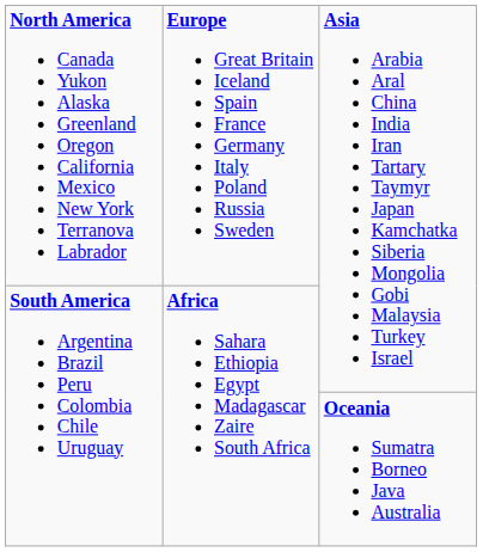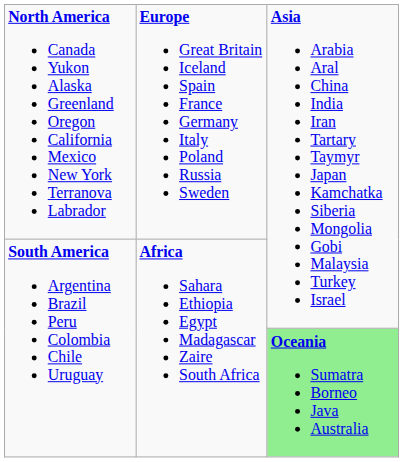 <table class="wikitable">
 <tr valign="top">
 <td width="33%"><strong><a href='#'>North America</a></strong><br><ul><li><a href='#'>Canada</a></li><li><a href='#'>Yukon</a></li><li><a href='#'>Alaska</a></li><li><a href='#'>Greenland</a></li><li><a href='#'>Oregon</a></li><li><a href='#'>California</a></li><li><a href='#'>Mexico</a></li><li><a href='#'>New York</a></li><li><a href='#'>Terranova</a></li><li><a href='#'>Labrador</a></li></ul></td>
 <td width="33%"><strong><a href='#'>Europe</a></strong><br><ul><li><a href='#'>Great Britain</a></li><li><a href='#'>Iceland</a></li><li><a href='#'>Spain</a></li><li><a href='#'>France</a></li><li><a href='#'>Germany</a></li><li><a href='#'>Italy</a></li><li><a href='#'>Poland</a></li><li><a href='#'>Russia</a></li><li><a href='#'>Sweden</a></li></ul></td>
 <td width="33%" rowspan="2"><strong><a href='#'>Asia</a></strong><br><ul><li><a href='#'>Arabia</a></li><li><a href='#'>Aral</a></li><li><a href='#'>China</a></li><li><a href='#'>India</a></li><li><a href='#'>Iran</a></li><li><a href='#'>Tartary</a></li><li><a href='#'>Taymyr</a></li><li><a href='#'>Japan</a></li><li><a href='#'>Kamchatka</a></li><li><a href='#'>Siberia</a></li><li><a href='#'>Mongolia</a></li><li><a href='#'>Gobi</a></li><li><a href='#'>Malaysia</a></li><li><a href='#'>Turkey</a></li><li><a href='#'>Israel</a></li></ul></td>
 </tr>
 <tr valign="top">
 <td rowspan="2"><strong><a href='#'>South America</a></strong><br><ul><li><a href='#'>Argentina</a></li><li><a href='#'>Brazil</a></li><li><a href='#'>Peru</a></li><li><a href='#'>Colombia</a></li><li><a href='#'>Chile</a></li><li><a href='#'>Uruguay</a></li></ul></td>
 <td rowspan="2"><strong><a href='#'>Africa</a></strong><br><ul><li><a href='#'>Sahara</a></li><li><a href='#'>Ethiopia</a></li><li><a href='#'>Egypt</a></li><li><a href='#'>Madagascar</a></li><li><a href='#'>Zaire</a></li><li><a href='#'>South Africa</a></li></ul></td>
 </tr>
 <tr valign="top">
-<td><strong><a href='#'>Oceania</a></strong><br><ul><li><a href='#'>Sumatra</a></li><li><a href='#'>Borneo</a></li><li><a href='#'>Java</a></li><li><a href='#'>Australia</a></li></ul></td>
+<td style="background: lightgreen;"><strong><a href='#'>Oceania</a></strong><br><ul><li><a href='#'>Sumatra</a></li><li><a href='#'>Borneo</a></li><li><a href='#'>Java</a></li><li><a href='#'>Australia</a></li></ul></td>
 </tr>
 </table>
